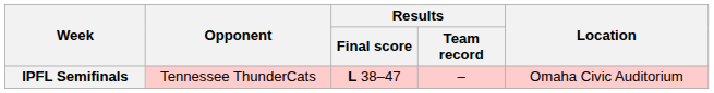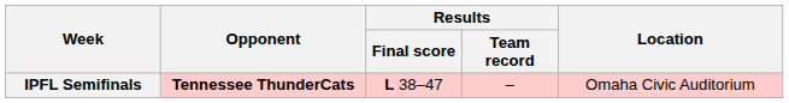 <table class="wikitable">
 <tr>
 <th rowspan="2" width="150">Week</th>
 <th rowspan="2" width="200">Opponent</th>
 <th colspan="2" width="180">Results</th>
 <th rowspan="2" width="220">Location</th>
 </tr>
 <tr>
 <th width="90">Final score</th>
 <th width="90">Team record</th>
 </tr>
 <tr align="center" bgcolor="#FFCCCC">
 <th>IPFL Semifinals</th>
-<td align="center">Tennessee ThunderCats</td>
+<td align="center"><strong>Tennessee ThunderCats</strong></td>
 <td align="center"><strong>L</strong> 38–47</td>
 <td align="center">–</td>
 <td align="center">Omaha Civic Auditorium</td>
 </tr>
 </table>
